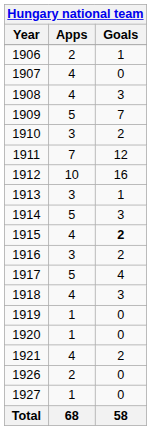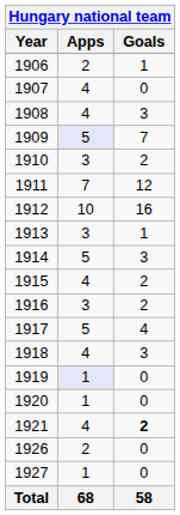 <table class="wikitable" style="text-align:center">
 <tr>
 <th colspan=3><a href='#'>Hungary national team</a></th>
 </tr>
 <tr>
 <th>Year</th>
 <th>Apps</th>
 <th>Goals</th>
 </tr>
 <tr>
 </tr>
 <tr>
 <td>1906</td>
 <td>2</td>
 <td>1</td>
 </tr>
 <tr>
 <td>1907</td>
 <td>4</td>
 <td>0</td>
 </tr>
 <tr>
 <td>1908</td>
 <td>4</td>
 <td>3</td>
 </tr>
 <tr>
 <td>1909</td>
-<td>5</td>
+<td style="background: lavender;">5</td>
 <td>7</td>
 </tr>
 <tr>
 <td>1910</td>
 <td>3</td>
 <td>2</td>
 </tr>
 <tr>
 <td>1911</td>
 <td>7</td>
 <td>12</td>
 </tr>
 <tr>
 <td>1912</td>
 <td>10</td>
 <td>16</td>
 </tr>
 <tr>
 <td>1913</td>
 <td>3</td>
 <td>1</td>
 </tr>
 <tr>
 <td>1914</td>
 <td>5</td>
 <td>3</td>
 </tr>
 <tr>
 <td>1915</td>
 <td>4</td>
-<td><strong>2</strong></td>
+<td>2</td>
 </tr>
 <tr>
 <td>1916</td>
 <td>3</td>
 <td>2</td>
 </tr>
 <tr>
 <td>1917</td>
 <td>5</td>
 <td>4</td>
 </tr>
 <tr>
 <td>1918</td>
 <td>4</td>
 <td>3</td>
 </tr>
 <tr>
 <td>1919</td>
-<td>1</td>
+<td style="background: lavender;">1</td>
 <td>0</td>
 </tr>
 <tr>
 <td>1920</td>
 <td>1</td>
 <td>0</td>
 </tr>
 <tr>
 <td>1921</td>
 <td>4</td>
-<td>2</td>
+<td><strong>2</strong></td>
 </tr>
 <tr>
 <td>1926</td>
 <td>2</td>
 <td>0</td>
 </tr>
 <tr>
 <td>1927</td>
 <td>1</td>
 <td>0</td>
 </tr>
 <tr>
 <th>Total</th>
 <th>68</th>
 <th>58</th>
 </tr>
 </table>
